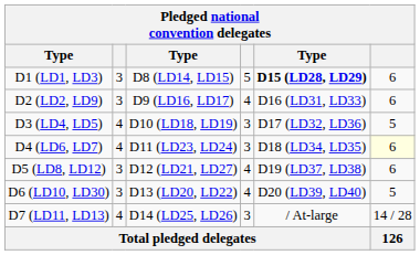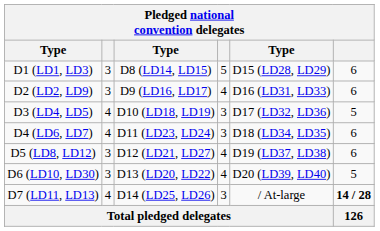 <table class="wikitable sortable" style="font-size:90%;text-align:center;float:none;padding:5px;">
 <tr>
 <th colspan="8">Pledged <a href='#'>national<br>convention</a> delegates</th>
 </tr>
 <tr>
 <th>Type</th>
 <th></th>
 <th>Type</th>
 <th></th>
 <th>Type</th>
 <th></th>
 </tr>
 <tr>
 <td>D1 (<a href='#'>LD1</a>, <a href='#'>LD3</a>)</td>
 <td>3</td>
 <td>D8 (<a href='#'>LD14</a>, <a href='#'>LD15</a>)</td>
 <td>5</td>
-<td><strong>D15 (<a href='#'>LD28</a>, <a href='#'>LD29</a>)</strong></td>
+<td>D15 (<a href='#'>LD28</a>, <a href='#'>LD29</a>)</td>
 <td>6</td>
 </tr>
 <tr>
 <td>D2 (<a href='#'>LD2</a>, <a href='#'>LD9</a>)</td>
 <td>3</td>
 <td>D9 (<a href='#'>LD16</a>, <a href='#'>LD17</a>)</td>
 <td>4</td>
 <td>D16 (<a href='#'>LD31</a>, <a href='#'>LD33</a>)</td>
 <td>6</td>
 </tr>
 <tr>
 <td>D3 (<a href='#'>LD4</a>, <a href='#'>LD5</a>)</td>
 <td>4</td>
 <td>D10 (<a href='#'>LD18</a>, <a href='#'>LD19</a>)</td>
 <td>3</td>
 <td>D17 (<a href='#'>LD32</a>, <a href='#'>LD36</a>)</td>
 <td>5</td>
 </tr>
 <tr>
 <td>D4 (<a href='#'>LD6</a>, <a href='#'>LD7</a>)</td>
 <td>4</td>
 <td>D11 (<a href='#'>LD23</a>, <a href='#'>LD24</a>)</td>
 <td>3</td>
 <td>D18 (<a href='#'>LD34</a>, <a href='#'>LD35</a>)</td>
-<td style="background: lightyellow;">6</td>
+<td>6</td>
 </tr>
 <tr>
 <td>D5 (<a href='#'>LD8</a>, <a href='#'>LD12</a>)</td>
 <td>3</td>
 <td>D12 (<a href='#'>LD21</a>, <a href='#'>LD27</a>)</td>
 <td>4</td>
 <td>D19 (<a href='#'>LD37</a>, <a href='#'>LD38</a>)</td>
 <td>6</td>
 </tr>
 <tr>
 <td>D6 (<a href='#'>LD10</a>, <a href='#'>LD30</a>)</td>
 <td>3</td>
 <td>D13 (<a href='#'>LD20</a>, <a href='#'>LD22</a>)</td>
 <td>4</td>
 <td>D20 (<a href='#'>LD39</a>, <a href='#'>LD40</a>)</td>
 <td>5</td>
 </tr>
 <tr>
 <td>D7 (<a href='#'>LD11</a>, <a href='#'>LD13</a>)</td>
 <td>4</td>
 <td>D14 (<a href='#'>LD25</a>, <a href='#'>LD26</a>)</td>
 <td>3</td>
 <td> / At-large</td>
-<td>14 / 28</td>
+<td><strong>14 / 28</strong></td>
 </tr>
 <tr>
 <th colspan="5">Total pledged delegates</th>
 <th>126</th>
 </tr>
 </table>
